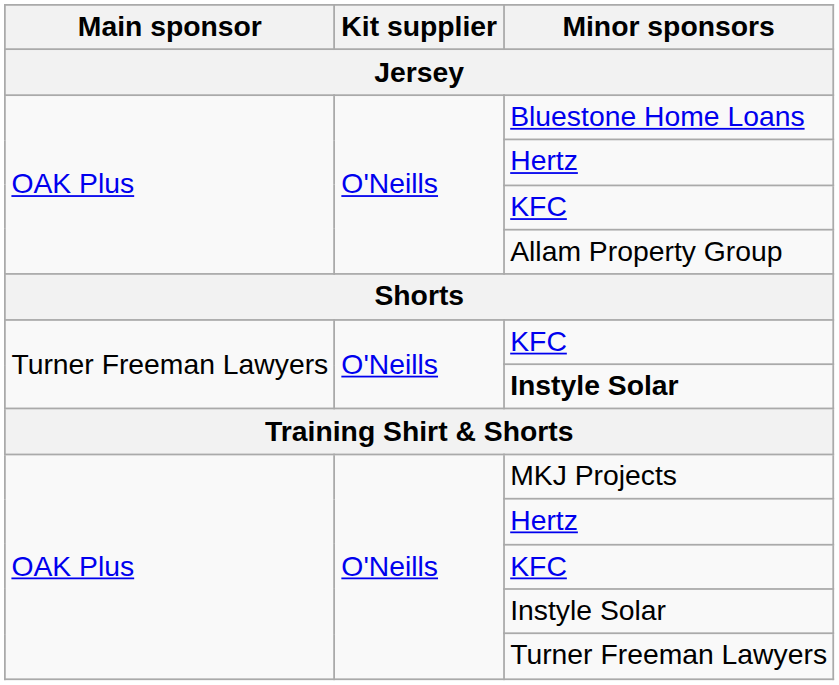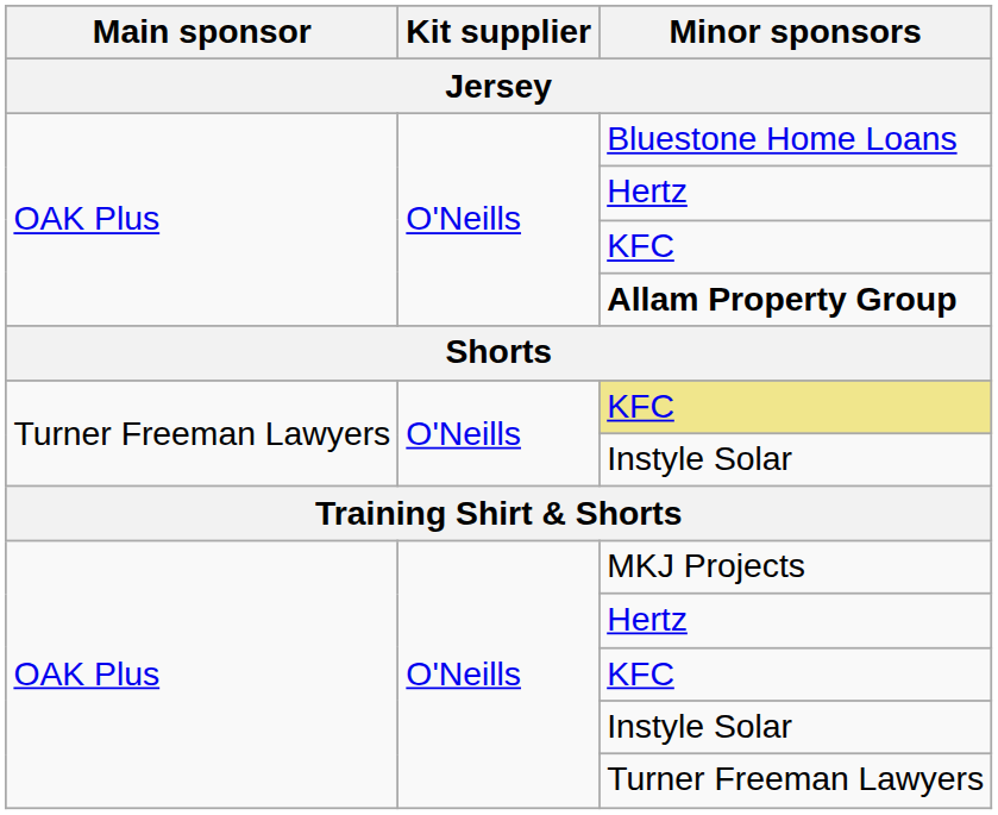 <table class="wikitable">
 <tr>
 <th>Main sponsor</th>
 <th>Kit supplier</th>
 <th>Minor sponsors</th>
 </tr>
 <tr>
 <th colspan="3">Jersey</th>
 </tr>
 <tr>
 <td rowspan="4"><a href='#'>OAK Plus</a></td>
 <td rowspan="4"><a href='#'>O'Neills</a></td>
 <td><a href='#'>Bluestone Home Loans</a></td>
 </tr>
 <tr>
 <td><a href='#'>Hertz</a></td>
 </tr>
 <tr>
 <td><a href='#'>KFC</a></td>
 </tr>
 <tr>
-<td>Allam Property Group</td>
+<td><strong>Allam Property Group</strong></td>
 </tr>
 <tr>
 <th colspan="3">Shorts</th>
 </tr>
 <tr>
 <td rowspan="2">Turner Freeman Lawyers</td>
 <td rowspan="2"><a href='#'>O'Neills</a></td>
-<td><a href='#'>KFC</a></td>
+<td style="background: khaki;"><a href='#'>KFC</a></td>
 </tr>
 <tr>
-<td><strong>Instyle Solar</strong></td>
+<td>Instyle Solar</td>
 </tr>
 <tr>
 <th colspan="3">Training Shirt & Shorts</th>
 </tr>
 <tr>
 <td rowspan="5"><a href='#'>OAK Plus</a></td>
 <td rowspan="5"><a href='#'>O'Neills</a></td>
 <td>MKJ Projects</td>
 </tr>
 <tr>
 <td><a href='#'>Hertz</a></td>
 </tr>
 <tr>
 <td><a href='#'>KFC</a></td>
 </tr>
 <tr>
 <td>Instyle Solar</td>
 </tr>
 <tr>
 <td>Turner Freeman Lawyers</td>
 </tr>
 </table>
